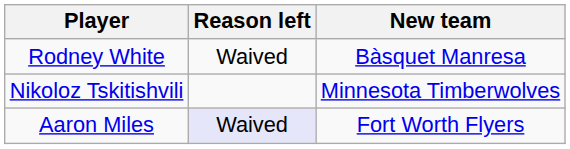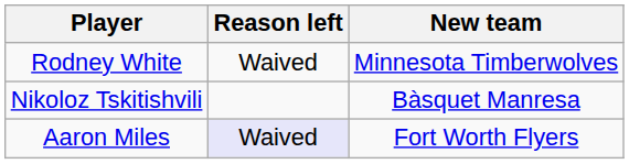 <table class="wikitable sortable sortable" style="text-align: center">
 <tr>
 <th>Player</th>
 <th>Reason left</th>
 <th>New team</th>
 </tr>
 <tr style="text-align: center">
 <td><a href='#'>Rodney White</a></td>
 <td>Waived</td>
-<td><a href='#'>Bàsquet Manresa</a></td>
+<td><a href='#'>Minnesota Timberwolves</a></td>
 </tr>
 <tr style="text-align: center">
 <td><a href='#'>Nikoloz Tskitishvili</a></td>
 <td></td>
-<td><a href='#'>Minnesota Timberwolves</a></td>
+<td><a href='#'>Bàsquet Manresa</a></td>
 </tr>
 <tr style="text-align: center">
 <td><a href='#'>Aaron Miles</a></td>
 <td style="background: lavender;">Waived</td>
 <td><a href='#'>Fort Worth Flyers</a></td>
 </tr>
 </table>
